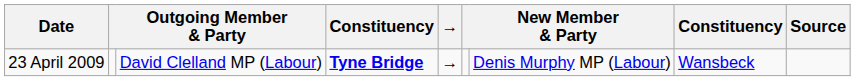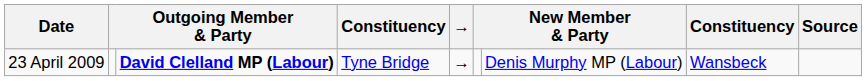 <table class="wikitable">
 <tr>
 <th colspan="1">Date</th>
 <th colspan="2">Outgoing Member<br>& Party</th>
 <th colspan="1">Constituency</th>
 <th colspan="1">→</th>
 <th colspan="2">New Member<br>& Party</th>
 <th colspan="1">Constituency</th>
 <th colspan="1">Source</th>
 </tr>
 <tr>
 <td>23 April 2009</td>
 <td style="color:inherit;background:"></td>
-<td><a href='#'>David Clelland</a> MP (<a href='#'>Labour</a>)</td>
-<td><strong><a href='#'>Tyne Bridge</a></strong></td>
+<td><strong><a href='#'>David Clelland</a> MP (<a href='#'>Labour</a>)</strong></td>
+<td><a href='#'>Tyne Bridge</a></td>
 <td>→</td>
 <td style="color:inherit;background:"></td>
 <td><a href='#'>Denis Murphy</a> MP (<a href='#'>Labour</a>)</td>
 <td><a href='#'>Wansbeck</a></td>
 <td></td>
 </tr>
 </table>
